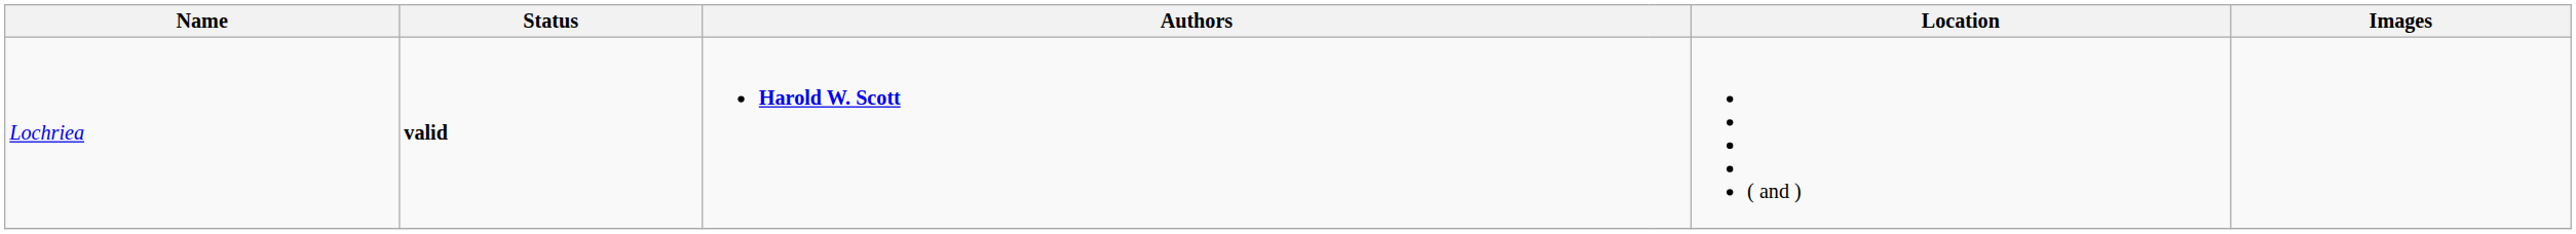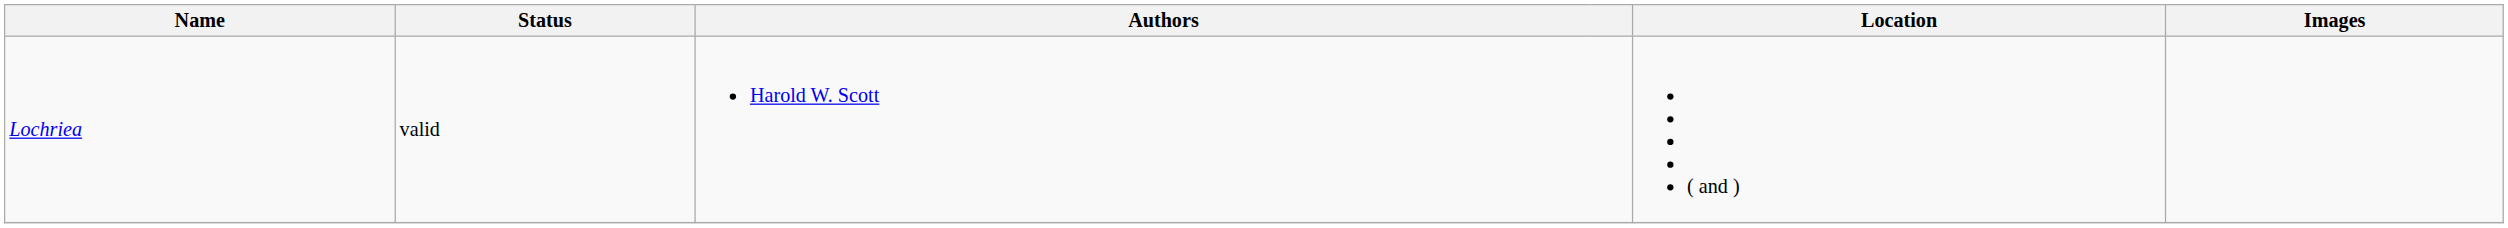 <table class="wikitable sortable" align="center" width="100%">
 <tr>
 <th>Name</th>
 <th>Status</th>
 <th colspan="2">Authors</th>
 <th class="unsortable">Location</th>
 <th class="unsortable">Images</th>
 </tr>
 <tr>
 <td><em><a href='#'>Lochriea</a></em></td>
-<td><strong>valid</strong></td>
-<td style="border-right:0px" valign="top"><strong><br><ul><li><a href='#'>Harold W. Scott</a></li></ul></strong></td>
+<td>valid</td>
+<td style="border-right:0px" valign="top"><br><ul><li><a href='#'>Harold W. Scott</a></li></ul></td>
 <td style="border-left:0px" valign="top"></td>
 <td><br><ul><li></li><li></li><li></li><li></li><li> ( and )</li></ul></td>
 <td></td>
 </tr>
 <tr>
 </tr>
 </table>
